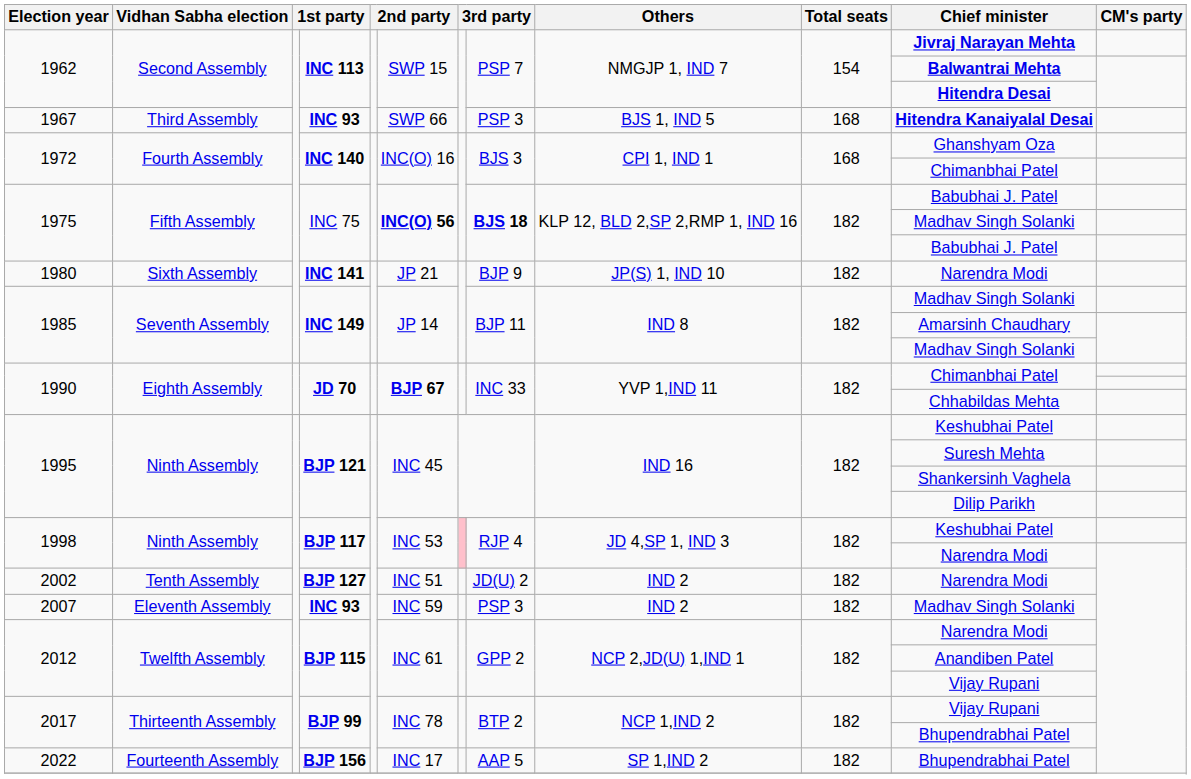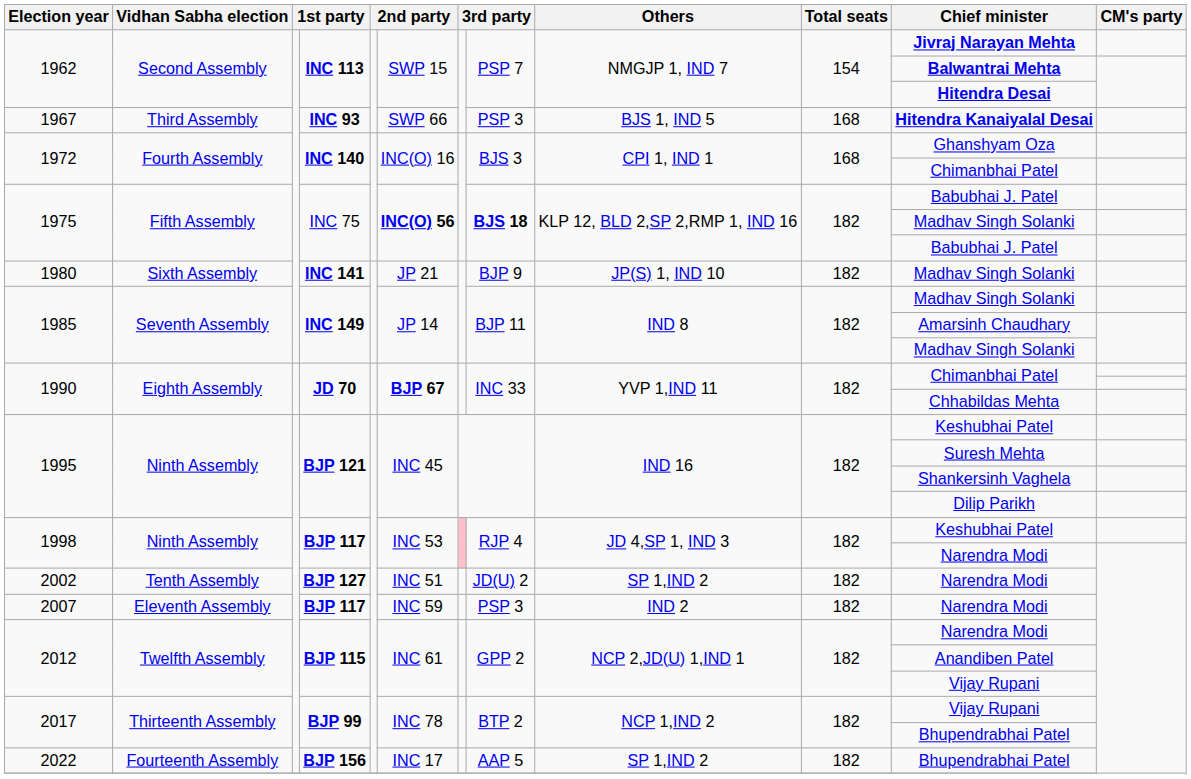 <table class="wikitable" style="text-align:center">
 <tr>
 <th>Election year</th>
 <th>Vidhan Sabha election</th>
 <th colspan="2">1st party</th>
 <th colspan="2">2nd party</th>
 <th colspan="2">3rd party</th>
 <th>Others</th>
 <th>Total seats</th>
 <th>Chief minister</th>
 <th colspan=2>CM's party</th>
 </tr>
 <tr>
 <td rowspan=3>1962</td>
 <td rowspan=3><a href='#'>Second Assembly</a></td>
 <td rowspan=13 style="background-color: "></td>
 <td rowspan=3><strong><a href='#'>INC</a> 113</strong></td>
 <td rowspan=4 style="background-color: "></td>
 <td rowspan=3><a href='#'>SWP</a> 15</td>
 <td rowspan=4 style="background-color: "></td>
 <td rowspan=3><a href='#'>PSP</a> 7</td>
 <td rowspan=3>NMGJP 1, <a href='#'>IND</a> 7</td>
 <td rowspan=3>154</td>
 <td><strong><a href='#'>Jivraj Narayan Mehta</a></strong></td>
 <td></td>
 </tr>
 <tr>
 <td><strong><a href='#'>Balwantrai Mehta</a></strong></td>
 </tr>
 <tr>
 <td><strong><a href='#'>Hitendra Desai</a></strong></td>
 </tr>
 <tr>
 <td>1967</td>
 <td><a href='#'>Third Assembly</a></td>
 <td><strong><a href='#'>INC</a> 93</strong></td>
 <td><a href='#'>SWP</a> 66</td>
 <td><a href='#'>PSP</a> 3</td>
 <td><a href='#'>BJS</a> 1, <a href='#'>IND</a> 5</td>
 <td>168</td>
 <td><strong><a href='#'>Hitendra Kanaiyalal Desai</a></strong></td>
 <td></td>
 </tr>
 <tr>
 <td rowspan=2>1972</td>
 <td rowspan=2><a href='#'>Fourth Assembly</a></td>
 <td rowspan=2><strong><a href='#'>INC</a> 140</strong></td>
 <td rowspan=5 style="background-color: "></td>
 <td rowspan=2><a href='#'>INC(O)</a> 16</td>
 <td rowspan=5 style="background-color: "></td>
 <td rowspan=2><a href='#'>BJS</a> 3</td>
 <td rowspan=2><a href='#'>CPI</a> 1, <a href='#'>IND</a> 1</td>
 <td rowspan=2>168</td>
 <td><a href='#'>Ghanshyam Oza</a></td>
 <td></td>
 </tr>
 <tr>
 <td><a href='#'>Chimanbhai Patel</a></td>
 </tr>
 <tr>
 <td rowspan=3>1975</td>
 <td rowspan=3><a href='#'>Fifth Assembly</a></td>
 <td rowspan=3><a href='#'>INC</a> 75</td>
 <td rowspan=3><strong><a href='#'>INC(O)</a> 56</strong></td>
 <td rowspan=3><strong><a href='#'>BJS</a> 18</strong></td>
 <td rowspan=3>KLP 12, <a href='#'>BLD</a> 2,<a href='#'>SP</a> 2,RMP 1, <a href='#'>IND</a> 16</td>
 <td rowspan=3>182</td>
 <td><a href='#'>Babubhai J. Patel</a></td>
 <td></td>
 </tr>
 <tr>
 <td><a href='#'>Madhav Singh Solanki</a></td>
 <td></td>
 </tr>
 <tr>
 <td><a href='#'>Babubhai J. Patel</a></td>
 <td></td>
 </tr>
 <tr>
 <td>1980</td>
 <td><a href='#'>Sixth Assembly</a></td>
 <td><strong><a href='#'>INC</a> 141</strong></td>
 <td rowspan=4 style="background-color: "></td>
 <td><a href='#'>JP</a> 21</td>
 <td rowspan=4 style="background-color: "></td>
 <td><a href='#'>BJP</a> 9</td>
 <td><a href='#'>JP(S)</a> 1, <a href='#'>IND</a> 10</td>
 <td>182</td>
-<td><a href='#'>Narendra Modi</a></td>
+<td><a href='#'>Madhav Singh Solanki</a></td>
 <td></td>
 </tr>
 <tr>
 <td rowspan=3>1985</td>
 <td rowspan=3><a href='#'>Seventh Assembly</a></td>
 <td rowspan=3><strong><a href='#'>INC</a> 149</strong></td>
 <td rowspan=3><a href='#'>JP</a> 14</td>
 <td rowspan=3><a href='#'>BJP</a> 11</td>
 <td rowspan=3><a href='#'>IND</a> 8</td>
 <td rowspan=3>182</td>
 <td><a href='#'>Madhav Singh Solanki</a></td>
 <td></td>
 </tr>
 <tr>
 <td><a href='#'>Amarsinh Chaudhary</a></td>
 </tr>
 <tr>
 <td><a href='#'>Madhav Singh Solanki</a></td>
 </tr>
 <tr>
 <td rowspan=3>1990</td>
 <td rowspan=3><a href='#'>Eighth Assembly</a></td>
 <td rowspan=3 style="background-color: "></td>
 <td rowspan=3><strong><a href='#'>JD</a> 70</strong></td>
 <td rowspan=3 style="background-color: "></td>
 <td rowspan=3><strong><a href='#'>BJP</a> 67</strong></td>
 <td rowspan=3 style="background-color: "></td>
 <td rowspan=3><a href='#'>INC</a> 33</td>
 <td rowspan=3>YVP 1,<a href='#'>IND</a> 11</td>
 <td rowspan=3>182</td>
 <td rowspan=2><a href='#'>Chimanbhai Patel</a></td>
 <td></td>
 </tr>
 <tr>
 <td></td>
 </tr>
 <tr>
 <td><a href='#'>Chhabildas Mehta</a></td>
 </tr>
 <tr>
 <td rowspan=4>1995</td>
 <td rowspan=4><a href='#'>Ninth Assembly</a></td>
 <td rowspan=14 style="background-color: "></td>
 <td rowspan=4><strong><a href='#'>BJP</a> 121</strong></td>
 <td rowspan=14 style="background-color: "></td>
 <td rowspan=4><a href='#'>INC</a> 45</td>
 <td colspan=2 rowspan=4></td>
 <td rowspan=4><a href='#'>IND</a> 16</td>
 <td rowspan=4>182</td>
 <td><a href='#'>Keshubhai Patel</a></td>
 <td></td>
 </tr>
 <tr>
 <td><a href='#'>Suresh Mehta</a></td>
 </tr>
 <tr>
 <td><a href='#'>Shankersinh Vaghela</a></td>
 <td></td>
 </tr>
 <tr>
 <td><a href='#'>Dilip Parikh</a></td>
 </tr>
 <tr>
 <td rowspan=2>1998</td>
 <td rowspan=2><a href='#'>Ninth Assembly</a></td>
 <td rowspan=2><strong><a href='#'>BJP</a> 117</strong></td>
 <td rowspan=2><a href='#'>INC</a> 53</td>
 <td rowspan=2 style="background-color:Pink"></td>
 <td rowspan=2><a href='#'>RJP</a> 4</td>
 <td rowspan=2><a href='#'>JD</a> 4,<a href='#'>SP</a> 1, <a href='#'>IND</a> 3</td>
 <td rowspan=2>182</td>
 <td><a href='#'>Keshubhai Patel</a></td>
 <td></td>
 </tr>
 <tr>
 <td><a href='#'>Narendra Modi</a></td>
 </tr>
 <tr>
 <td>2002</td>
 <td><a href='#'>Tenth Assembly</a></td>
 <td><strong><a href='#'>BJP</a>  127 </strong></td>
 <td><a href='#'>INC</a> 51</td>
 <td style="background-color: "></td>
 <td><a href='#'>JD(U)</a> 2</td>
-<td><a href='#'>IND</a> 2</td>
+<td><a href='#'>SP</a> 1,<a href='#'>IND</a> 2</td>
 <td>182</td>
 <td><a href='#'>Narendra Modi</a></td>
 </tr>
 <tr>
 <td>2007</td>
 <td><a href='#'>Eleventh Assembly</a></td>
-<td><strong><a href='#'>INC</a> 93</strong></td>
+<td><strong><a href='#'>BJP</a>  117</strong></td>
 <td><a href='#'>INC</a> 59</td>
 <td style="background-color: "></td>
 <td><a href='#'>PSP</a> 3</td>
 <td><a href='#'>IND</a> 2</td>
 <td>182</td>
-<td><a href='#'>Madhav Singh Solanki</a></td>
+<td><a href='#'>Narendra Modi</a></td>
 </tr>
 <tr>
 <td rowspan=3>2012</td>
 <td rowspan=3><a href='#'>Twelfth Assembly</a></td>
 <td rowspan=3><strong><a href='#'>BJP</a>  115</strong></td>
 <td rowspan=3><a href='#'>INC</a> 61</td>
 <td rowspan=3 style="background-color: "></td>
 <td rowspan=3><a href='#'>GPP</a> 2</td>
 <td rowspan=3><a href='#'>NCP</a> 2,<a href='#'>JD(U)</a> 1,<a href='#'>IND</a> 1</td>
 <td rowspan=3>182</td>
 <td><a href='#'>Narendra Modi</a></td>
 </tr>
 <tr>
 <td><a href='#'>Anandiben Patel</a></td>
 </tr>
 <tr>
 <td><a href='#'>Vijay Rupani</a></td>
 </tr>
 <tr>
 <td rowspan=2>2017</td>
 <td rowspan=2><a href='#'>Thirteenth Assembly</a></td>
 <td rowspan=2><strong><a href='#'>BJP</a> 99</strong></td>
 <td rowspan=2><a href='#'>INC</a> 78</td>
 <td rowspan=2 style="background-color: "></td>
 <td rowspan=2><a href='#'>BTP</a> 2</td>
 <td rowspan=2><a href='#'>NCP</a> 1,<a href='#'>IND</a> 2</td>
 <td rowspan=2>182</td>
 <td><a href='#'>Vijay Rupani</a></td>
 </tr>
 <tr>
 <td><a href='#'>Bhupendrabhai Patel</a></td>
 </tr>
 <tr>
 <td>2022</td>
 <td><a href='#'>Fourteenth Assembly</a></td>
 <td><strong><a href='#'>BJP</a>  156</strong></td>
 <td><a href='#'>INC</a> 17</td>
 <td style="background-color: "></td>
 <td><a href='#'>AAP</a> 5</td>
 <td><a href='#'>SP</a> 1,<a href='#'>IND</a> 2</td>
 <td>182</td>
 <td><a href='#'>Bhupendrabhai Patel</a></td>
 </tr>
 <tr>
 </tr>
 </table>
